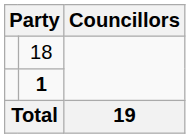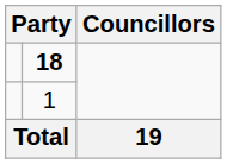 <table class="wikitable">
 <tr>
 <th colspan=2>Party</th>
 <th>Councillors</th>
 </tr>
 <tr>
 <td></td>
-<td align=center>18</td>
+<td align=center><strong>18</strong></td>
 </tr>
 <tr>
 <td></td>
-<td align=center><strong>1</strong></td>
+<td align=center>1</td>
 </tr>
 <tr>
 <th colspan=2>Total</th>
 <th>19</th>
 </tr>
 </table>
